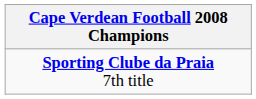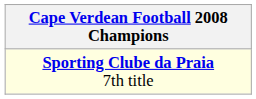 <table class="wikitable" style="margin: 0 auto; width: 240px;">
 <tr>
 <th><a href='#'>Cape Verdean Football</a> 2008<br>Champions</th>
 </tr>
 <tr>
-<td align=center><strong><a href='#'>Sporting Clube da Praia</a></strong><br>7th title</td>
+<td align=center style="background: lightyellow;"><strong><a href='#'>Sporting Clube da Praia</a></strong><br>7th title</td>
 </tr>
 </table>
